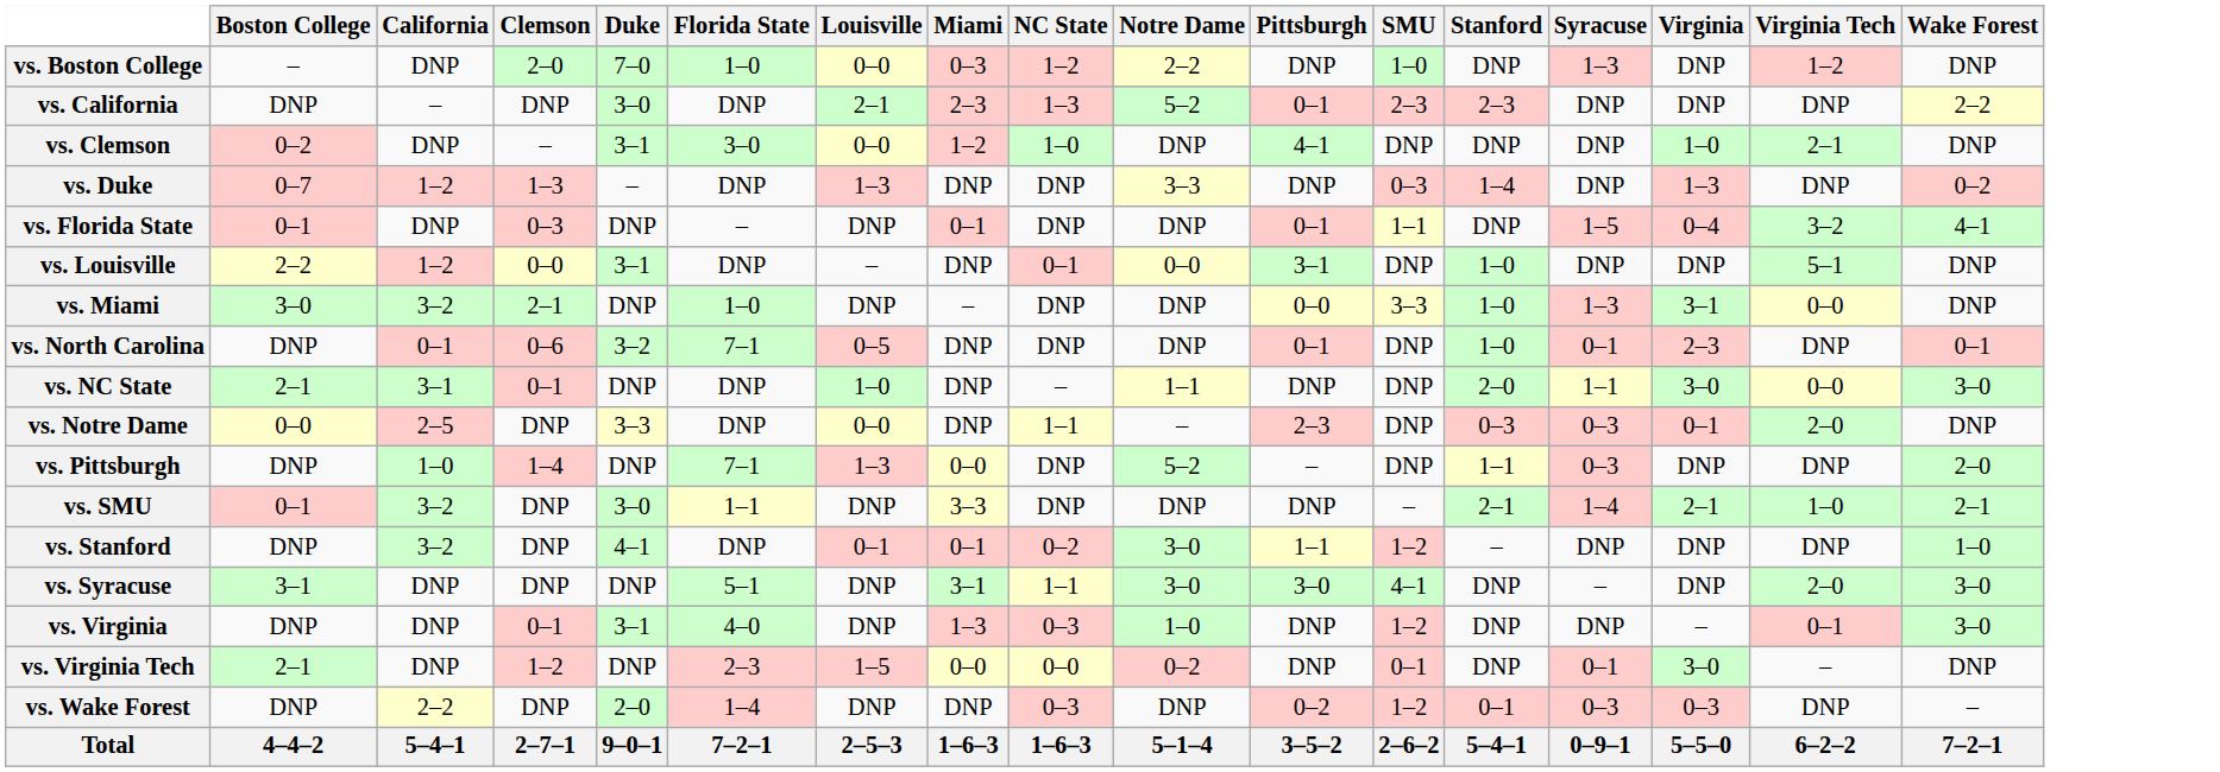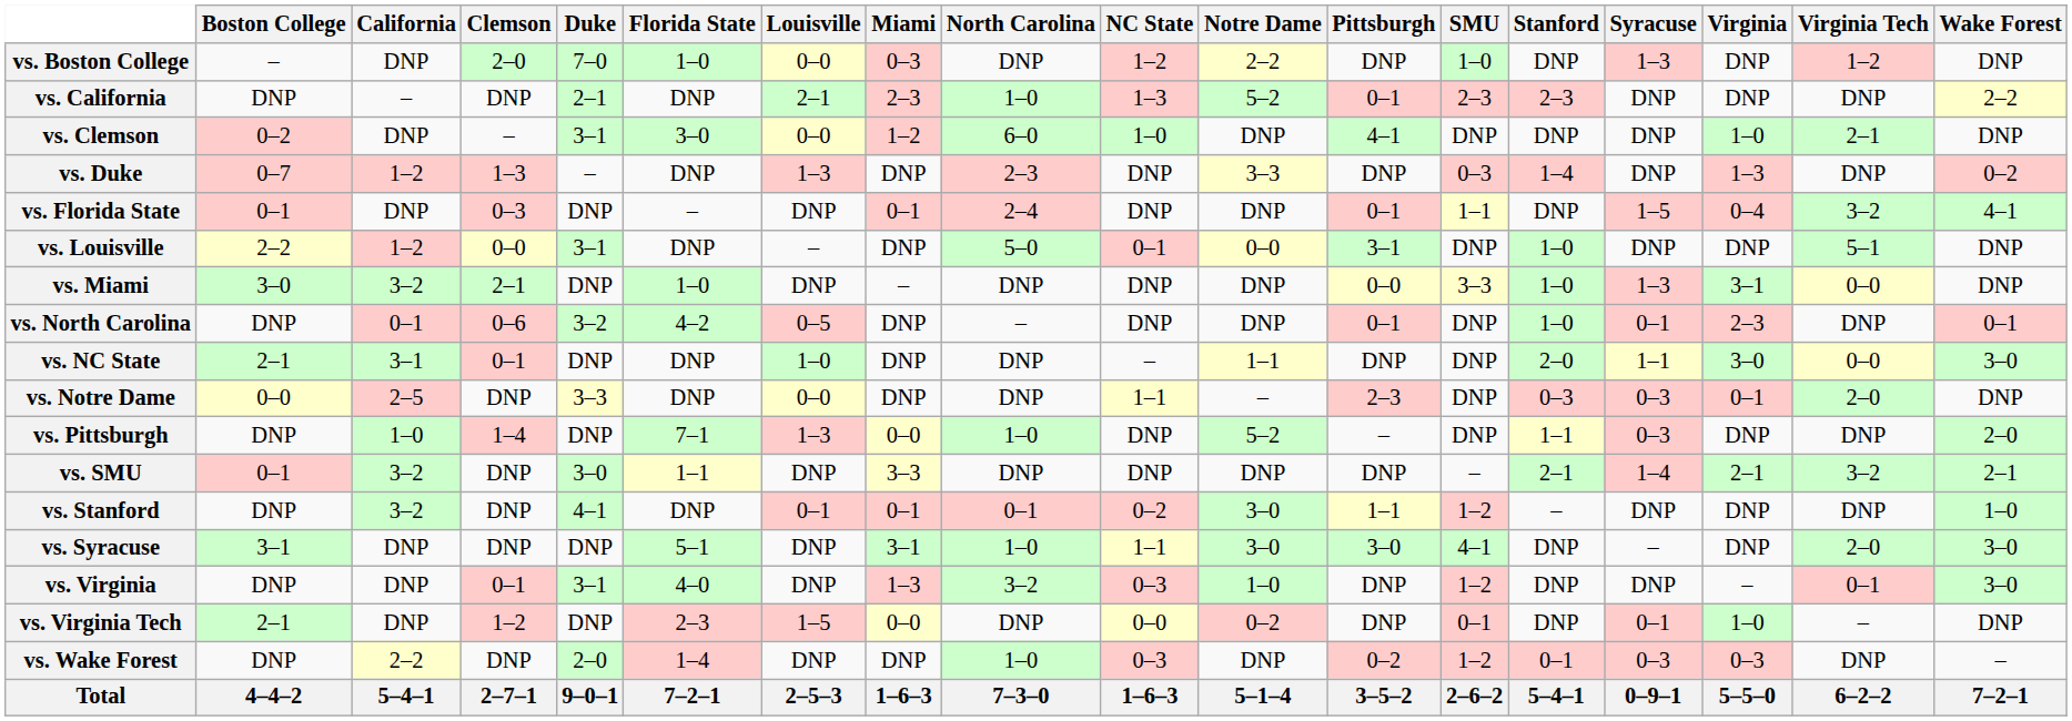 <table class="wikitable" style="white-space:nowrap;font-size:90%;">
 <tr>
 <th colspan=1 style="background:white; border-top-style:hidden; border-left-style:hidden;" width=75> </th>
 <th>Boston College</th>
 <th>California</th>
 <th>Clemson</th>
 <th>Duke</th>
 <th>Florida State</th>
 <th>Louisville</th>
 <th>Miami</th>
+<th>North Carolina</th>
 <th>NC State</th>
 <th>Notre Dame</th>
 <th>Pittsburgh</th>
 <th>SMU</th>
 <th>Stanford</th>
 <th>Syracuse</th>
 <th>Virginia</th>
 <th>Virginia Tech</th>
 <th>Wake Forest</th>
 </tr>
 <tr style="text-align:center;">
 <th>vs. Boston College</th>
 <td>–</td>
 <td>DNP</td>
 <td bgcolor=#cfc>2–0</td>
 <td bgcolor=#cfc>7–0</td>
 <td bgcolor=#cfc>1–0</td>
 <td bgcolor=#ffc>0–0</td>
 <td bgcolor=#fcc>0–3</td>
+<td>DNP</td>
 <td bgcolor=#fcc>1–2</td>
 <td bgcolor=#ffc>2–2</td>
 <td>DNP</td>
 <td bgcolor=#cfc>1–0</td>
 <td>DNP</td>
 <td bgcolor=#fcc>1–3</td>
 <td>DNP</td>
 <td bgcolor=#fcc>1–2</td>
 <td>DNP</td>
 </tr>
 <tr style="text-align:center;">
 <th>vs. California</th>
 <td>DNP</td>
 <td>–</td>
 <td>DNP</td>
-<td bgcolor=#cfc>3–0</td>
+<td bgcolor=#cfc>2–1</td>
 <td>DNP</td>
 <td bgcolor=#cfc>2–1</td>
 <td bgcolor=#fcc>2–3</td>
+<td bgcolor=#cfc>1–0</td>
 <td bgcolor=#fcc>1–3</td>
 <td bgcolor=#cfc>5–2</td>
 <td bgcolor=#fcc>0–1</td>
 <td bgcolor=#fcc>2–3</td>
 <td bgcolor=#fcc>2–3</td>
 <td>DNP</td>
 <td>DNP</td>
 <td>DNP</td>
 <td bgcolor=#ffc>2–2</td>
 </tr>
 <tr style="text-align:center;">
 <th>vs. Clemson</th>
 <td bgcolor=#fcc>0–2</td>
 <td>DNP</td>
 <td>–</td>
 <td bgcolor=#cfc>3–1</td>
 <td bgcolor=#cfc>3–0</td>
 <td bgcolor=#ffc>0–0</td>
 <td bgcolor=#fcc>1–2</td>
+<td bgcolor=#cfc>6–0</td>
 <td bgcolor=#cfc>1–0</td>
 <td>DNP</td>
 <td bgcolor=#cfc>4–1</td>
 <td>DNP</td>
 <td>DNP</td>
 <td>DNP</td>
 <td bgcolor=#cfc>1–0</td>
 <td bgcolor=#cfc>2–1</td>
 <td>DNP</td>
 </tr>
 <tr style="text-align:center;">
 <th>vs. Duke</th>
 <td bgcolor=#fcc>0–7</td>
 <td bgcolor=#fcc>1–2</td>
 <td bgcolor=#fcc>1–3</td>
 <td>–</td>
 <td>DNP</td>
 <td bgcolor=#fcc>1–3</td>
 <td>DNP</td>
+<td bgcolor=#fcc>2–3</td>
 <td>DNP</td>
 <td bgcolor=#ffc>3–3</td>
 <td>DNP</td>
 <td bgcolor=#fcc>0–3</td>
 <td bgcolor=#fcc>1–4</td>
 <td>DNP</td>
 <td bgcolor=#fcc>1–3</td>
 <td>DNP</td>
 <td bgcolor=#fcc>0–2</td>
 </tr>
 <tr style="text-align:center;">
 <th>vs. Florida State</th>
 <td bgcolor=#fcc>0–1</td>
 <td>DNP</td>
 <td bgcolor=#fcc>0–3</td>
 <td>DNP</td>
 <td>–</td>
 <td>DNP</td>
 <td bgcolor=#fcc>0–1</td>
+<td bgcolor=#fcc>2–4</td>
 <td>DNP</td>
 <td>DNP</td>
 <td bgcolor=#fcc>0–1</td>
 <td bgcolor=#ffc>1–1</td>
 <td>DNP</td>
 <td bgcolor=#fcc>1–5</td>
 <td bgcolor=#fcc>0–4</td>
 <td bgcolor=#cfc>3–2</td>
 <td bgcolor=#cfc>4–1</td>
 </tr>
 <tr style="text-align:center;">
 <th>vs. Louisville</th>
 <td bgcolor=#ffc>2–2</td>
 <td bgcolor=#fcc>1–2</td>
 <td bgcolor=#ffc>0–0</td>
 <td bgcolor=#cfc>3–1</td>
 <td>DNP</td>
 <td>–</td>
 <td>DNP</td>
+<td bgcolor=#cfc>5–0</td>
 <td bgcolor=#fcc>0–1</td>
 <td bgcolor=#ffc>0–0</td>
 <td bgcolor=#cfc>3–1</td>
 <td>DNP</td>
 <td bgcolor=#cfc>1–0</td>
 <td>DNP</td>
 <td>DNP</td>
 <td bgcolor=#cfc>5–1</td>
 <td>DNP</td>
 </tr>
 <tr style="text-align:center;">
 <th>vs. Miami</th>
 <td bgcolor=#cfc>3–0</td>
 <td bgcolor=#cfc>3–2</td>
 <td bgcolor=#cfc>2–1</td>
 <td>DNP</td>
 <td bgcolor=#cfc>1–0</td>
 <td>DNP</td>
 <td>–</td>
 <td>DNP</td>
 <td>DNP</td>
+<td>DNP</td>
 <td bgcolor=#ffc>0–0</td>
 <td bgcolor=#ffc>3–3</td>
 <td bgcolor=#cfc>1–0</td>
 <td bgcolor=#fcc>1–3</td>
 <td bgcolor=#cfc>3–1</td>
 <td bgcolor=#ffc>0–0</td>
 <td>DNP</td>
 </tr>
 <tr style="text-align:center;">
 <th>vs. North Carolina</th>
 <td>DNP</td>
 <td bgcolor=#fcc>0–1</td>
 <td bgcolor=#fcc>0–6</td>
 <td bgcolor=#cfc>3–2</td>
-<td bgcolor=#cfc>7–1</td>
+<td bgcolor=#cfc>4–2</td>
 <td bgcolor=#fcc>0–5</td>
 <td>DNP</td>
+<td>–</td>
 <td>DNP</td>
 <td>DNP</td>
 <td bgcolor=#fcc>0–1</td>
 <td>DNP</td>
 <td bgcolor=#cfc>1–0</td>
 <td bgcolor=#fcc>0–1</td>
 <td bgcolor=#fcc>2–3</td>
 <td>DNP</td>
 <td bgcolor=#fcc>0–1</td>
 </tr>
 <tr style="text-align:center;">
 <th>vs. NC State</th>
 <td bgcolor=#cfc>2–1</td>
 <td bgcolor=#cfc>3–1</td>
 <td bgcolor=#fcc>0–1</td>
 <td>DNP</td>
 <td>DNP</td>
 <td bgcolor=#cfc>1–0</td>
+<td>DNP</td>
 <td>DNP</td>
 <td>–</td>
 <td bgcolor=#ffc>1–1</td>
 <td>DNP</td>
 <td>DNP</td>
 <td bgcolor=#cfc>2–0</td>
 <td bgcolor=#ffc>1–1</td>
 <td bgcolor=#cfc>3–0</td>
 <td bgcolor=#ffc>0–0</td>
 <td bgcolor=#cfc>3–0</td>
 </tr>
 <tr style="text-align:center;">
 <th>vs. Notre Dame</th>
 <td bgcolor=#ffc>0–0</td>
 <td bgcolor=#fcc>2–5</td>
 <td>DNP</td>
 <td bgcolor=#ffc>3–3</td>
 <td>DNP</td>
 <td bgcolor=#ffc>0–0</td>
 <td>DNP</td>
+<td>DNP</td>
 <td bgcolor=#ffc>1–1</td>
 <td>–</td>
 <td bgcolor=#fcc>2–3</td>
 <td>DNP</td>
 <td bgcolor=#fcc>0–3</td>
 <td bgcolor=#fcc>0–3</td>
 <td bgcolor=#fcc>0–1</td>
 <td bgcolor=#cfc>2–0</td>
 <td>DNP</td>
 </tr>
 <tr style="text-align:center;">
 <th>vs. Pittsburgh</th>
 <td>DNP</td>
 <td bgcolor=#cfc>1–0</td>
 <td bgcolor=#fcc>1–4</td>
 <td>DNP</td>
 <td bgcolor=#cfc>7–1</td>
 <td bgcolor=#fcc>1–3</td>
 <td bgcolor=#ffc>0–0</td>
+<td bgcolor=#cfc>1–0</td>
 <td>DNP</td>
 <td bgcolor=#cfc>5–2</td>
 <td>–</td>
 <td>DNP</td>
 <td bgcolor=#ffc>1–1</td>
 <td bgcolor=#fcc>0–3</td>
 <td>DNP</td>
 <td>DNP</td>
 <td bgcolor=#cfc>2–0</td>
 </tr>
 <tr style="text-align:center;">
 <th>vs. SMU</th>
 <td bgcolor=#fcc>0–1</td>
 <td bgcolor=#cfc>3–2</td>
 <td>DNP</td>
 <td bgcolor=#cfc>3–0</td>
 <td bgcolor=#ffc>1–1</td>
 <td>DNP</td>
 <td bgcolor=#ffc>3–3</td>
 <td>DNP</td>
 <td>DNP</td>
 <td>DNP</td>
+<td>DNP</td>
 <td>–</td>
 <td bgcolor=#cfc>2–1</td>
 <td bgcolor=#fcc>1–4</td>
 <td bgcolor=#cfc>2–1</td>
-<td bgcolor=#cfc>1–0</td>
+<td bgcolor=#cfc>3–2</td>
 <td bgcolor=#cfc>2–1</td>
 </tr>
 <tr style="text-align:center;">
 <th>vs. Stanford</th>
 <td>DNP</td>
 <td bgcolor=#cfc>3–2</td>
 <td>DNP</td>
 <td bgcolor=#cfc>4–1</td>
 <td>DNP</td>
+<td bgcolor=#fcc>0–1</td>
 <td bgcolor=#fcc>0–1</td>
 <td bgcolor=#fcc>0–1</td>
 <td bgcolor=#fcc>0–2</td>
 <td bgcolor=#cfc>3–0</td>
 <td bgcolor=#ffc>1–1</td>
 <td bgcolor=#fcc>1–2</td>
 <td>–</td>
 <td>DNP</td>
 <td>DNP</td>
 <td>DNP</td>
 <td bgcolor=#cfc>1–0</td>
 </tr>
 <tr style="text-align:center;">
 <th>vs. Syracuse</th>
 <td bgcolor=#cfc>3–1</td>
 <td>DNP</td>
 <td>DNP</td>
 <td>DNP</td>
 <td bgcolor=#cfc>5–1</td>
 <td>DNP</td>
 <td bgcolor=#cfc>3–1</td>
+<td bgcolor=#cfc>1–0</td>
 <td bgcolor=#ffc>1–1</td>
 <td bgcolor=#cfc>3–0</td>
 <td bgcolor=#cfc>3–0</td>
 <td bgcolor=#cfc>4–1</td>
 <td>DNP</td>
 <td>–</td>
 <td>DNP</td>
 <td bgcolor=#cfc>2–0</td>
 <td bgcolor=#cfc>3–0</td>
 </tr>
 <tr style="text-align:center;">
 <th>vs. Virginia</th>
 <td>DNP</td>
 <td>DNP</td>
 <td bgcolor=#fcc>0–1</td>
 <td bgcolor=#cfc>3–1</td>
 <td bgcolor=#cfc>4–0</td>
 <td>DNP</td>
 <td bgcolor=#fcc>1–3</td>
+<td bgcolor=#cfc>3–2</td>
 <td bgcolor=#fcc>0–3</td>
 <td bgcolor=#cfc>1–0</td>
 <td>DNP</td>
 <td bgcolor=#fcc>1–2</td>
 <td>DNP</td>
 <td>DNP</td>
 <td>–</td>
 <td bgcolor=#fcc>0–1</td>
 <td bgcolor=#cfc>3–0</td>
 </tr>
 <tr style="text-align:center;">
 <th>vs. Virginia Tech</th>
 <td bgcolor=#cfc>2–1</td>
 <td>DNP</td>
 <td bgcolor=#fcc>1–2</td>
 <td>DNP</td>
 <td bgcolor=#fcc>2–3</td>
 <td bgcolor=#fcc>1–5</td>
 <td bgcolor=#ffc>0–0</td>
+<td>DNP</td>
 <td bgcolor=#ffc>0–0</td>
 <td bgcolor=#fcc>0–2</td>
 <td>DNP</td>
 <td bgcolor=#fcc>0–1</td>
 <td>DNP</td>
 <td bgcolor=#fcc>0–1</td>
-<td bgcolor=#cfc>3–0</td>
+<td bgcolor=#cfc>1–0</td>
 <td>–</td>
 <td>DNP</td>
 </tr>
 <tr style="text-align:center;">
 <th>vs. Wake Forest</th>
 <td>DNP</td>
 <td bgcolor=#ffc>2–2</td>
 <td>DNP</td>
 <td bgcolor=#cfc>2–0</td>
 <td bgcolor=#fcc>1–4</td>
 <td>DNP</td>
 <td>DNP</td>
+<td bgcolor=#cfc>1–0</td>
 <td bgcolor=#fcc>0–3</td>
 <td>DNP</td>
 <td bgcolor=#fcc>0–2</td>
 <td bgcolor=#fcc>1–2</td>
 <td bgcolor=#fcc>0–1</td>
 <td bgcolor=#fcc>0–3</td>
 <td bgcolor=#fcc>0–3</td>
 <td>DNP</td>
 <td>–<br></td>
 </tr>
 <tr style="text-align:center;">
 <th>Total</th>
 <th>4–4–2</th>
 <th>5–4–1</th>
 <th>2–7–1</th>
 <th>9–0–1</th>
 <th>7–2–1</th>
 <th>2–5–3</th>
 <th>1–6–3</th>
+<th>7–3–0</th>
 <th>1–6–3</th>
 <th>5–1–4</th>
 <th>3–5–2</th>
 <th>2–6–2</th>
 <th>5–4–1</th>
 <th>0–9–1</th>
 <th>5–5–0</th>
 <th>6–2–2</th>
 <th>7–2–1</th>
 </tr>
 </table>
